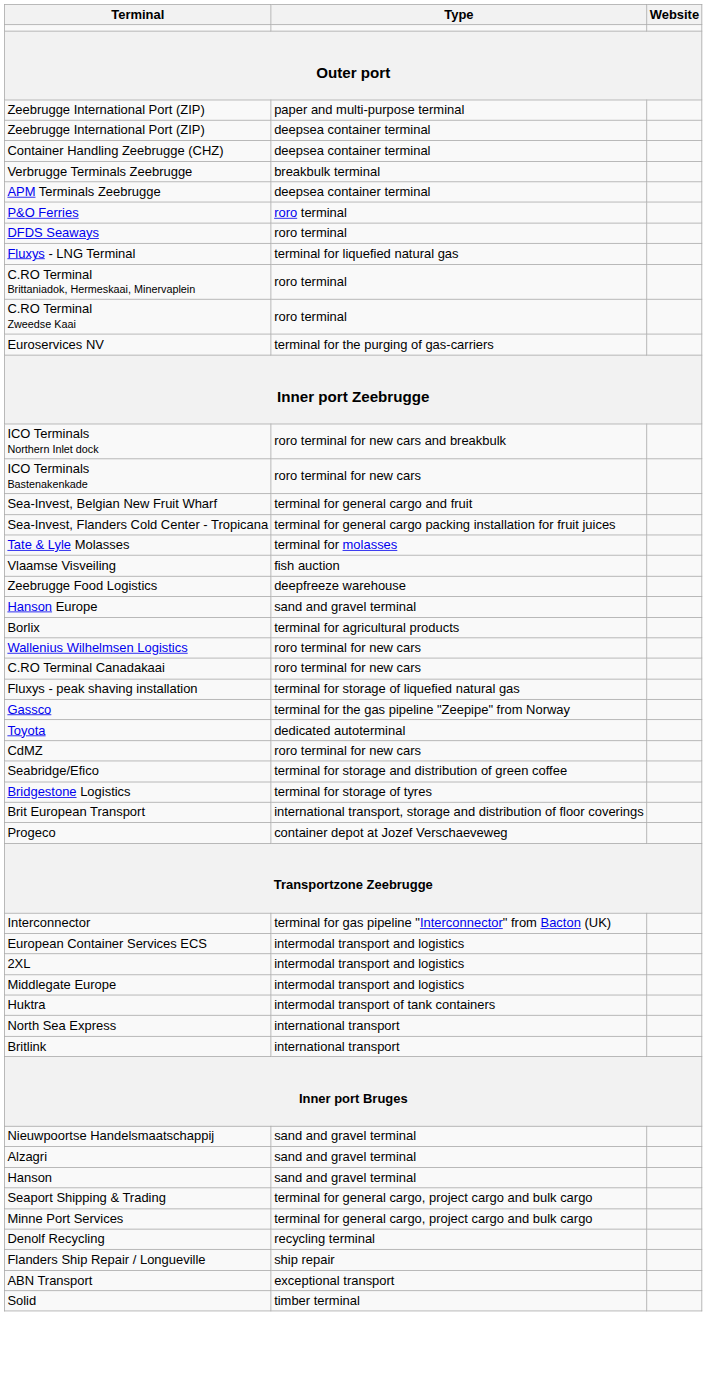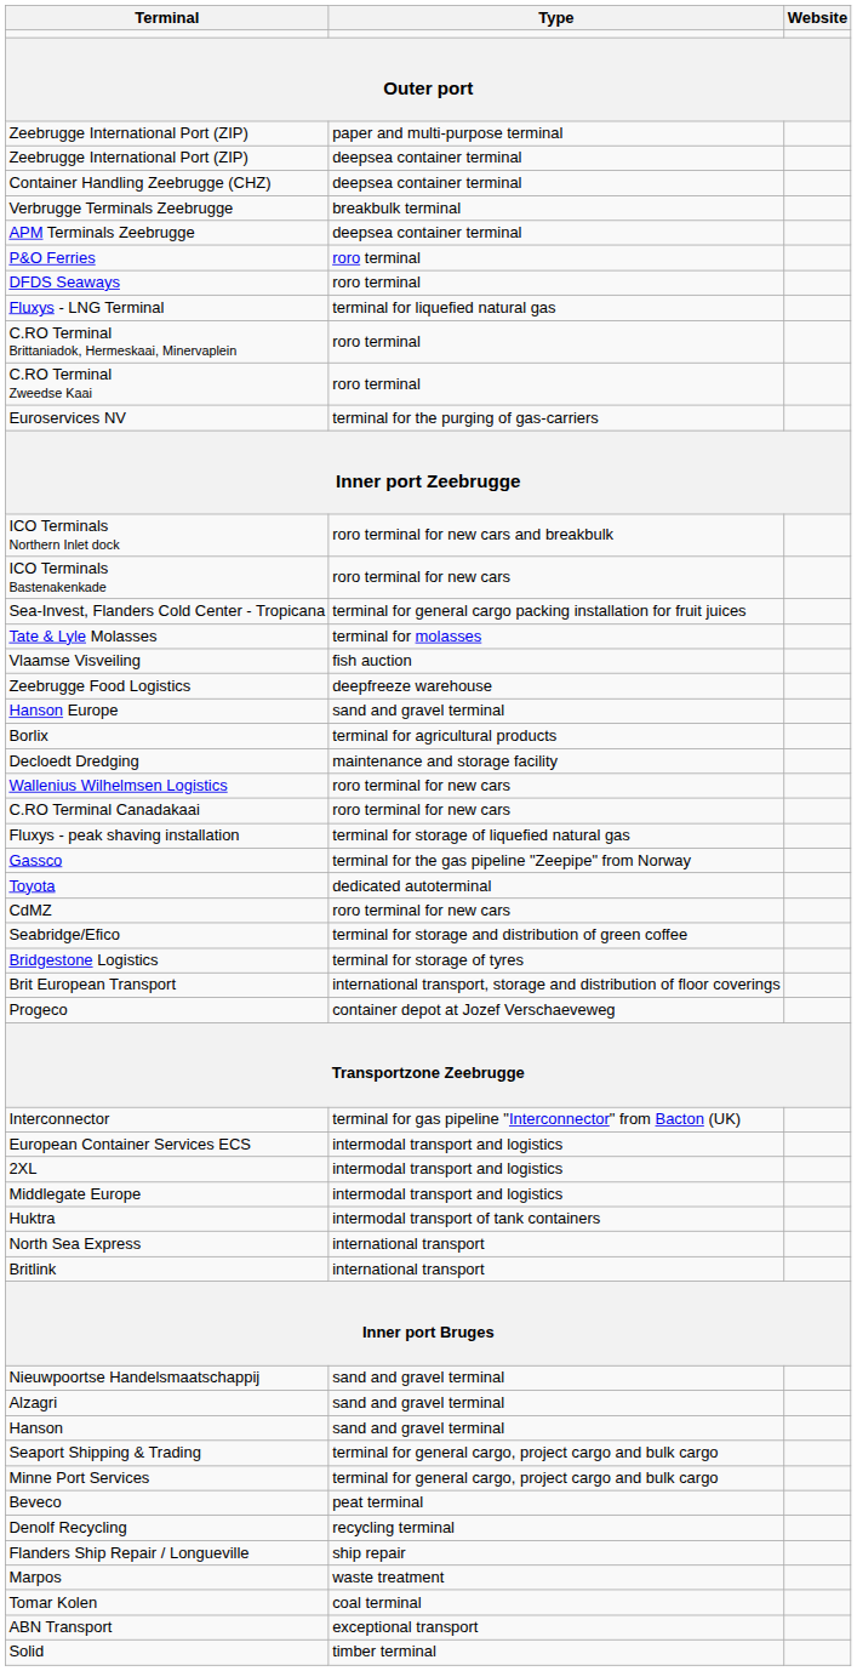 <table class="wikitable">
 <tr>
 <th>Terminal</th>
 <th>Type</th>
 <th>Website</th>
 </tr>
 <tr>
 <td></td>
 <td></td>
 <td></td>
 </tr>
 <tr>
 <th colspan="3"><br><h3>Outer port</h3></th>
 </tr>
 <tr>
 <td>Zeebrugge International Port (ZIP)</td>
 <td>paper and multi-purpose terminal</td>
 <td></td>
 </tr>
 <tr>
 <td>Zeebrugge International Port (ZIP)</td>
 <td>deepsea container terminal</td>
 <td></td>
 </tr>
 <tr>
 <td>Container Handling Zeebrugge (CHZ)</td>
 <td>deepsea container terminal</td>
 <td></td>
 </tr>
 <tr>
 <td>Verbrugge Terminals Zeebrugge</td>
 <td>breakbulk terminal</td>
 <td></td>
 </tr>
 <tr>
 <td><a href='#'>APM</a> Terminals Zeebrugge</td>
 <td>deepsea container terminal</td>
 <td></td>
 </tr>
 <tr>
 <td><a href='#'>P&O Ferries</a></td>
 <td><a href='#'>roro</a> terminal</td>
 <td></td>
 </tr>
 <tr>
 <td><a href='#'>DFDS Seaways</a></td>
 <td>roro terminal</td>
 <td></td>
 </tr>
 <tr>
 <td><a href='#'>Fluxys</a> - LNG Terminal</td>
 <td>terminal for liquefied natural gas</td>
 <td></td>
 </tr>
 <tr>
 <td>C.RO Terminal<br><small>Brittaniadok, Hermeskaai, Minervaplein</small></td>
 <td>roro terminal</td>
 <td></td>
 </tr>
 <tr>
 <td>C.RO Terminal<br><small>Zweedse Kaai</small></td>
 <td>roro terminal</td>
 <td></td>
 </tr>
 <tr>
 <td>Euroservices NV</td>
 <td>terminal for the purging of gas-carriers</td>
 <td></td>
 </tr>
 <tr>
 <th colspan="3"><br><h3>Inner port Zeebrugge</h3></th>
 </tr>
 <tr>
 <td>ICO Terminals<br><small>Northern Inlet dock</small></td>
 <td>roro terminal for new cars and breakbulk</td>
 <td></td>
 </tr>
 <tr>
 <td>ICO Terminals<br><small>Bastenakenkade</small></td>
 <td>roro terminal for new cars</td>
 <td></td>
 </tr>
 <tr>
-<td>Sea-Invest, Belgian New Fruit Wharf</td>
-<td>terminal for general cargo and fruit</td>
-<td></td>
-</tr>
-<tr>
 <td>Sea-Invest, Flanders Cold Center - Tropicana</td>
 <td>terminal for general cargo packing installation for fruit juices</td>
 <td></td>
 </tr>
 <tr>
 <td><a href='#'>Tate & Lyle</a> Molasses</td>
 <td>terminal for <a href='#'>molasses</a></td>
 <td></td>
 </tr>
 <tr>
 <td>Vlaamse Visveiling</td>
 <td>fish auction</td>
 <td></td>
 </tr>
 <tr>
 <td>Zeebrugge Food Logistics</td>
 <td>deepfreeze warehouse</td>
 <td></td>
 </tr>
 <tr>
 <td><a href='#'>Hanson</a> Europe</td>
 <td>sand and gravel terminal</td>
 <td></td>
 </tr>
 <tr>
 <td>Borlix</td>
 <td>terminal for agricultural products</td>
+<td></td>
+</tr>
+<tr>
+<td>Decloedt Dredging</td>
+<td>maintenance and storage facility</td>
 <td></td>
 </tr>
 <tr>
 <td><a href='#'>Wallenius Wilhelmsen Logistics</a></td>
 <td>roro terminal for new cars</td>
 <td></td>
 </tr>
 <tr>
 <td>C.RO Terminal Canadakaai</td>
 <td>roro terminal for new cars</td>
 <td></td>
 </tr>
 <tr>
 <td>Fluxys - peak shaving installation</td>
 <td>terminal for storage of liquefied natural gas</td>
 <td></td>
 </tr>
 <tr>
 <td><a href='#'>Gassco</a></td>
 <td>terminal for the gas pipeline "Zeepipe" from Norway</td>
 <td></td>
 </tr>
 <tr>
 <td><a href='#'>Toyota</a></td>
 <td>dedicated autoterminal</td>
 <td></td>
 </tr>
 <tr>
 <td>CdMZ</td>
 <td>roro terminal for new cars</td>
 <td></td>
 </tr>
 <tr>
 <td>Seabridge/Efico</td>
 <td>terminal for storage and distribution of green coffee</td>
 <td></td>
 </tr>
 <tr>
 <td><a href='#'>Bridgestone</a> Logistics</td>
 <td>terminal for storage of tyres</td>
 <td></td>
 </tr>
 <tr>
 <td>Brit European Transport</td>
 <td>international transport, storage and distribution of floor coverings</td>
 <td></td>
 </tr>
 <tr>
 <td>Progeco</td>
 <td>container depot at Jozef Verschaeveweg</td>
 <td></td>
 </tr>
 <tr>
 <th colspan="3"><br><h4>Transportzone Zeebrugge</h4></th>
 </tr>
 <tr>
 <td>Interconnector</td>
 <td>terminal for gas pipeline "<a href='#'>Interconnector</a>" from <a href='#'>Bacton</a> (UK)</td>
 <td></td>
 </tr>
 <tr>
 <td>European Container Services ECS</td>
 <td>intermodal transport and logistics</td>
 <td></td>
 </tr>
 <tr>
 <td>2XL</td>
 <td>intermodal transport and logistics</td>
 <td></td>
 </tr>
 <tr>
 <td>Middlegate Europe</td>
 <td>intermodal transport and logistics</td>
 <td></td>
 </tr>
 <tr>
 <td>Huktra</td>
 <td>intermodal transport of tank containers</td>
 <td></td>
 </tr>
 <tr>
 <td>North Sea Express</td>
 <td>international transport</td>
 <td></td>
 </tr>
 <tr>
 <td>Britlink</td>
 <td>international transport</td>
 <td></td>
 </tr>
 <tr>
 <th colspan="3"><br><h4>Inner port Bruges</h4></th>
 </tr>
 <tr>
 <td>Nieuwpoortse Handelsmaatschappij</td>
 <td>sand and gravel terminal</td>
 <td></td>
 </tr>
 <tr>
 <td>Alzagri</td>
 <td>sand and gravel terminal</td>
 <td></td>
 </tr>
 <tr>
 <td>Hanson</td>
 <td>sand and gravel terminal</td>
 <td></td>
 </tr>
 <tr>
 <td>Seaport Shipping & Trading</td>
 <td>terminal for general cargo, project cargo and bulk cargo</td>
 <td></td>
 </tr>
 <tr>
 <td>Minne Port Services</td>
 <td>terminal for general cargo, project cargo and bulk cargo</td>
 <td></td>
 </tr>
 <tr>
+<td>Beveco</td>
+<td>peat terminal</td>
+<td></td>
+</tr>
+<tr>
 <td>Denolf Recycling</td>
 <td>recycling terminal</td>
 <td></td>
 </tr>
 <tr>
 <td>Flanders Ship Repair / Longueville</td>
 <td>ship repair</td>
+<td></td>
+</tr>
+<tr>
+<td>Marpos</td>
+<td>waste treatment</td>
+<td></td>
+</tr>
+<tr>
+<td>Tomar Kolen</td>
+<td>coal terminal</td>
 <td></td>
 </tr>
 <tr>
 <td>ABN Transport</td>
 <td>exceptional transport</td>
 <td></td>
 </tr>
 <tr>
 <td>Solid</td>
 <td>timber terminal</td>
 <td></td>
 </tr>
 </table>
